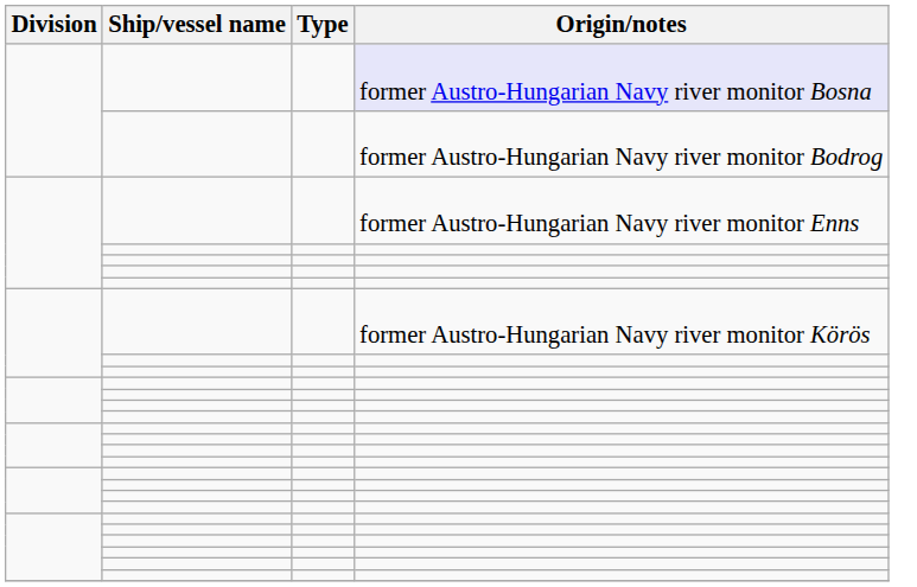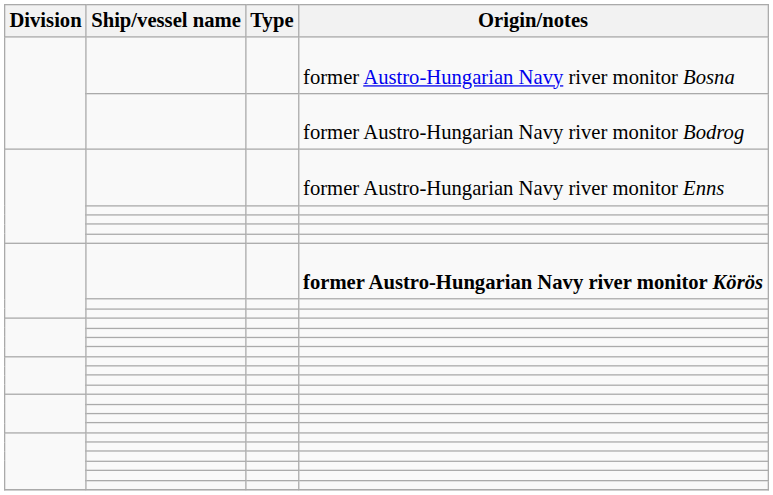 <table class="wikitable">
 <tr>
 <th scope="col">Division</th>
 <th scope="col">Ship/vessel name</th>
 <th scope="col">Type</th>
 <th scope="col">Origin/notes</th>
 </tr>
 <tr>
 <td rowspan=2></td>
 <td></td>
 <td></td>
-<td style="background: lavender;"><br>former <a href='#'>Austro-Hungarian Navy</a> river monitor <em>Bosna</em></td>
+<td><br>former <a href='#'>Austro-Hungarian Navy</a> river monitor <em>Bosna</em></td>
 </tr>
 <tr>
 <td></td>
 <td></td>
 <td><br>former Austro-Hungarian Navy river monitor <em>Bodrog</em></td>
 </tr>
 <tr>
 <td rowspan=5></td>
 <td></td>
 <td></td>
 <td><br>former Austro-Hungarian Navy river monitor <em>Enns</em></td>
 </tr>
 <tr>
 <td></td>
 <td></td>
 <td></td>
 </tr>
 <tr>
 <td></td>
 <td></td>
 <td></td>
 </tr>
 <tr>
 <td></td>
 <td></td>
 <td></td>
 </tr>
 <tr>
 <td></td>
 <td></td>
 <td></td>
 </tr>
 <tr>
 <td rowspan=3></td>
 <td></td>
 <td></td>
-<td><br>former Austro-Hungarian Navy river monitor <em>Körös</em></td>
+<td><strong><br>former Austro-Hungarian Navy river monitor <em>Körös</em></strong></td>
 </tr>
 <tr>
 <td></td>
 <td></td>
 <td></td>
 </tr>
 <tr>
 <td></td>
 <td></td>
 <td></td>
 </tr>
 <tr>
 <td rowspan=4></td>
 <td></td>
 <td></td>
 <td></td>
 </tr>
 <tr>
 <td></td>
 <td></td>
 <td></td>
 </tr>
 <tr>
 <td></td>
 <td></td>
 <td></td>
 </tr>
 <tr>
 <td></td>
 <td></td>
 <td></td>
 </tr>
 <tr>
 <td rowspan=4></td>
 <td></td>
 <td></td>
 <td></td>
 </tr>
 <tr>
 <td></td>
 <td></td>
 <td></td>
 </tr>
 <tr>
 <td></td>
 <td></td>
 <td></td>
 </tr>
 <tr>
 <td></td>
 <td></td>
 <td></td>
 </tr>
 <tr>
 <td rowspan=4></td>
 <td></td>
 <td></td>
 <td></td>
 </tr>
 <tr>
 <td></td>
 <td></td>
 <td></td>
 </tr>
 <tr>
 <td></td>
 <td></td>
 <td></td>
 </tr>
 <tr>
 <td></td>
 <td></td>
 <td></td>
 </tr>
 <tr>
 <td rowspan=6></td>
 <td></td>
 <td></td>
 <td></td>
 </tr>
 <tr>
 <td></td>
 <td></td>
 <td></td>
 </tr>
 <tr>
 <td></td>
 <td></td>
 <td></td>
 </tr>
 <tr>
 <td></td>
 <td></td>
 <td></td>
 </tr>
 <tr>
 <td></td>
 <td></td>
 <td></td>
 </tr>
 <tr>
 <td></td>
 <td></td>
 <td></td>
 </tr>
 <tr>
 </tr>
 </table>
